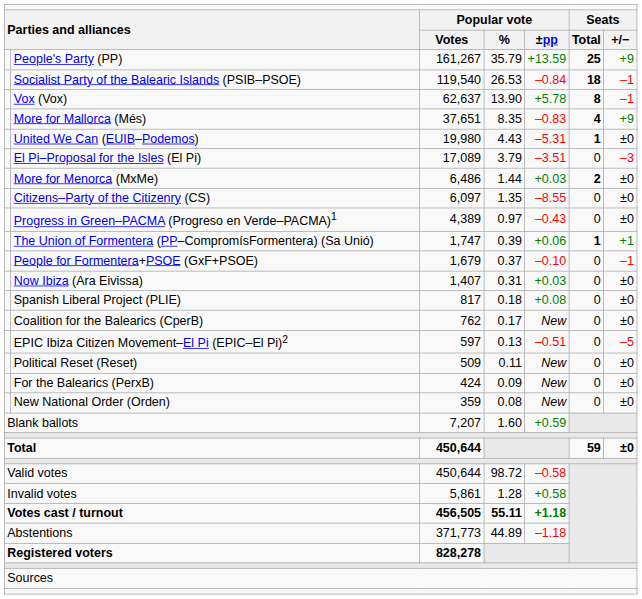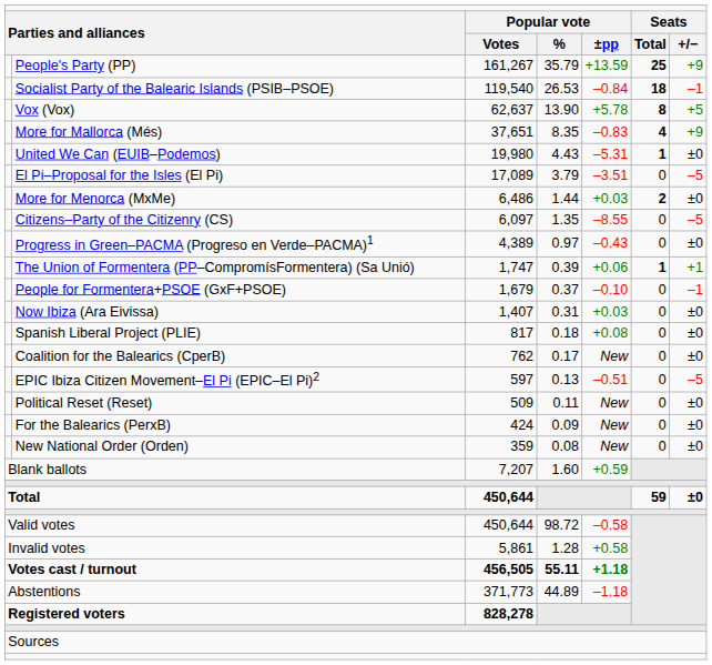 <table class="wikitable" style="text-align:right;">
 <tr>
 <td colspan="7"></td>
 </tr>
 <tr>
 <th style="text-align:left;" rowspan="2" colspan="2" width="525">Parties and alliances</th>
 <th colspan="3">Popular vote</th>
 <th colspan="2">Seats</th>
 </tr>
 <tr>
 <th width="75">Votes</th>
 <th width="45">%</th>
 <th width="45">±<a href='#'>pp</a></th>
 <th width="35">Total</th>
 <th width="35">+/−</th>
 </tr>
 <tr>
 <td width="1" style="color:inherit;background:"></td>
 <td align="left"><a href='#'>People's Party</a> (PP)</td>
 <td>161,267</td>
 <td>35.79</td>
 <td style="color:green;">+13.59</td>
 <td><strong>25</strong></td>
 <td style="color:green;">+9</td>
 </tr>
 <tr>
 <td style="color:inherit;background:"></td>
 <td align="left"><a href='#'>Socialist Party of the Balearic Islands</a> (PSIB–PSOE)</td>
 <td>119,540</td>
 <td>26.53</td>
 <td style="color:red;">–0.84</td>
 <td><strong>18</strong></td>
 <td style="color:red;">–1</td>
 </tr>
 <tr>
 <td style="color:inherit;background:"></td>
 <td align="left"><a href='#'>Vox</a> (Vox)</td>
 <td>62,637</td>
 <td>13.90</td>
 <td style="color:green;">+5.78</td>
 <td><strong>8</strong></td>
-<td style="color:red;">–1</td>
+<td style="color:green;">+5</td>
 </tr>
 <tr>
 <td style="color:inherit;background:"></td>
 <td align="left"><a href='#'>More for Mallorca</a> (Més)</td>
 <td>37,651</td>
 <td>8.35</td>
 <td style="color:red;">–0.83</td>
 <td><strong>4</strong></td>
 <td style="color:green;">+9</td>
 </tr>
 <tr>
 <td style="color:inherit;background:"></td>
 <td align="left"><a href='#'>United We Can</a> (<a href='#'>EUIB</a>–<a href='#'>Podemos</a>)</td>
 <td>19,980</td>
 <td>4.43</td>
 <td style="color:red;">–5.31</td>
 <td><strong>1</strong></td>
 <td>±0</td>
 </tr>
 <tr>
 <td style="color:inherit;background:"></td>
 <td align="left"><a href='#'>El Pi–Proposal for the Isles</a> (El Pi)</td>
 <td>17,089</td>
 <td>3.79</td>
 <td style="color:red;">–3.51</td>
 <td>0</td>
-<td style="color:red;">–3</td>
+<td style="color:red;">–5</td>
 </tr>
 <tr>
 <td style="color:inherit;background:"></td>
 <td align="left"><a href='#'>More for Menorca</a> (MxMe)</td>
 <td>6,486</td>
 <td>1.44</td>
 <td style="color:green;">+0.03</td>
 <td><strong>2</strong></td>
 <td>±0</td>
 </tr>
 <tr>
 <td style="color:inherit;background:"></td>
 <td align="left"><a href='#'>Citizens–Party of the Citizenry</a> (CS)</td>
 <td>6,097</td>
 <td>1.35</td>
 <td style="color:red;">–8.55</td>
 <td>0</td>
-<td>±0</td>
+<td style="color:red;">–5</td>
 </tr>
 <tr>
 <td style="color:inherit;background:"></td>
 <td align="left"><a href='#'>Progress in Green–PACMA</a> (Progreso en Verde–PACMA)<sup>1</sup></td>
 <td>4,389</td>
 <td>0.97</td>
 <td style="color:red;">–0.43</td>
 <td>0</td>
 <td>±0</td>
 </tr>
 <tr>
 <td style="color:inherit;background:"></td>
 <td align="left"><a href='#'>The Union of Formentera</a> (<a href='#'>PP</a>–CompromísFormentera) (Sa Unió)</td>
 <td>1,747</td>
 <td>0.39</td>
 <td style="color:green;">+0.06</td>
 <td><strong>1</strong></td>
 <td style="color:green;">+1</td>
 </tr>
 <tr>
 <td style="color:inherit;background:"></td>
 <td align="left"><a href='#'>People for Formentera</a>+<a href='#'>PSOE</a> (GxF+PSOE)</td>
 <td>1,679</td>
 <td>0.37</td>
 <td style="color:red;">–0.10</td>
 <td>0</td>
 <td style="color:red;">–1</td>
 </tr>
 <tr>
 <td style="color:inherit;background:"></td>
 <td align="left"><a href='#'>Now Ibiza</a> (Ara Eivissa)</td>
 <td>1,407</td>
 <td>0.31</td>
 <td style="color:green;">+0.03</td>
 <td>0</td>
 <td>±0</td>
 </tr>
 <tr>
 <td style="color:inherit;background:"></td>
 <td align="left">Spanish Liberal Project (PLIE)</td>
 <td>817</td>
 <td>0.18</td>
 <td style="color:green;">+0.08</td>
 <td>0</td>
 <td>±0</td>
 </tr>
 <tr>
 <td style="color:inherit;background:"></td>
 <td align="left">Coalition for the Balearics (CperB)</td>
 <td>762</td>
 <td>0.17</td>
 <td><em>New</em></td>
 <td>0</td>
 <td>±0</td>
 </tr>
 <tr>
 <td style="color:inherit;background:"></td>
 <td align="left">EPIC Ibiza Citizen Movement–<a href='#'>El Pi</a> (EPIC–El Pi)<sup>2</sup></td>
 <td>597</td>
 <td>0.13</td>
 <td style="color:red;">–0.51</td>
 <td>0</td>
 <td style="color:red;">–5</td>
 </tr>
 <tr>
 <td style="color:inherit;background:"></td>
 <td align="left">Political Reset (Reset)</td>
 <td>509</td>
 <td>0.11</td>
 <td><em>New</em></td>
 <td>0</td>
 <td>±0</td>
 </tr>
 <tr>
 <td style="color:inherit;background:"></td>
 <td align="left">For the Balearics (PerxB)</td>
 <td>424</td>
 <td>0.09</td>
 <td><em>New</em></td>
 <td>0</td>
 <td>±0</td>
 </tr>
 <tr>
 <td style="color:inherit;background:"></td>
 <td align="left">New National Order (Orden)</td>
 <td>359</td>
 <td>0.08</td>
 <td><em>New</em></td>
 <td>0</td>
 <td>±0</td>
 </tr>
 <tr>
 <td align="left" colspan="2">Blank ballots</td>
 <td>7,207</td>
 <td>1.60</td>
 <td style="color:green;">+0.59</td>
 <td bgcolor="#E9E9E9" colspan="2"></td>
 </tr>
 <tr>
 <td colspan="7" bgcolor="#E9E9E9"></td>
 </tr>
 <tr style="font-weight:bold;">
 <td align="left" colspan="2">Total</td>
 <td>450,644</td>
 <td bgcolor="#E9E9E9" colspan="2"></td>
 <td>59</td>
 <td>±0</td>
 </tr>
 <tr>
 <td colspan="7" bgcolor="#E9E9E9"></td>
 </tr>
 <tr>
 <td align="left" colspan="2">Valid votes</td>
 <td>450,644</td>
 <td>98.72</td>
 <td style="color:red;">–0.58</td>
 <td bgcolor="#E9E9E9" colspan="2" rowspan="5"></td>
 </tr>
 <tr>
 <td align="left" colspan="2">Invalid votes</td>
 <td>5,861</td>
 <td>1.28</td>
 <td style="color:green;">+0.58</td>
 </tr>
 <tr style="font-weight:bold;">
 <td align="left" colspan="2">Votes cast / turnout</td>
 <td>456,505</td>
 <td>55.11</td>
 <td style="color:green;">+1.18</td>
 </tr>
 <tr>
 <td align="left" colspan="2">Abstentions</td>
 <td>371,773</td>
 <td>44.89</td>
 <td style="color:red;">–1.18</td>
 </tr>
 <tr style="font-weight:bold;">
 <td align="left" colspan="2">Registered voters</td>
 <td>828,278</td>
 <td bgcolor="#E9E9E9" colspan="2"></td>
 </tr>
 <tr>
 <td colspan="7" bgcolor="#E9E9E9"></td>
 </tr>
 <tr>
 <td align="left" colspan="7">Sources</td>
 </tr>
 <tr>
 <td colspan="7" style="text-align:left; max-width:790px;"></td>
 </tr>
 </table>
